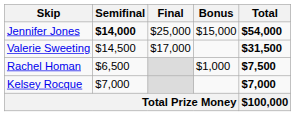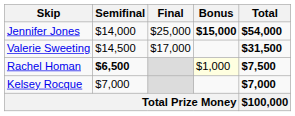 <table class="wikitable sortable">
 <tr>
 <th>Skip</th>
 <th>Semifinal</th>
 <th>Final</th>
 <th>Bonus</th>
 <th>Total</th>
 </tr>
 <tr>
 <td><a href='#'>Jennifer Jones</a></td>
-<td><strong>$14,000</strong></td>
+<td>$14,000</td>
 <td>$25,000</td>
-<td>$15,000</td>
+<td><strong>$15,000</strong></td>
 <td><strong>$54,000</strong></td>
 </tr>
 <tr>
 <td><a href='#'>Valerie Sweeting</a></td>
 <td>$14,500</td>
 <td>$17,000</td>
 <td></td>
 <td><strong>$31,500</strong></td>
 </tr>
 <tr>
 <td><a href='#'>Rachel Homan</a></td>
-<td>$6,500</td>
+<td><strong>$6,500</strong></td>
 <td bgcolor=#DCDCDC></td>
-<td>$1,000</td>
+<td style="background: lightyellow;">$1,000</td>
 <td><strong>$7,500</strong></td>
 </tr>
 <tr>
 <td><a href='#'>Kelsey Rocque</a></td>
 <td>$7,000</td>
 <td bgcolor=#DCDCDC></td>
 <td></td>
 <td><strong>$7,000</strong></td>
 </tr>
 <tr class=sortbottom>
 <th colspan=4 style="text-align:right;">Total Prize Money</th>
 <th>$100,000</th>
 </tr>
 </table>
